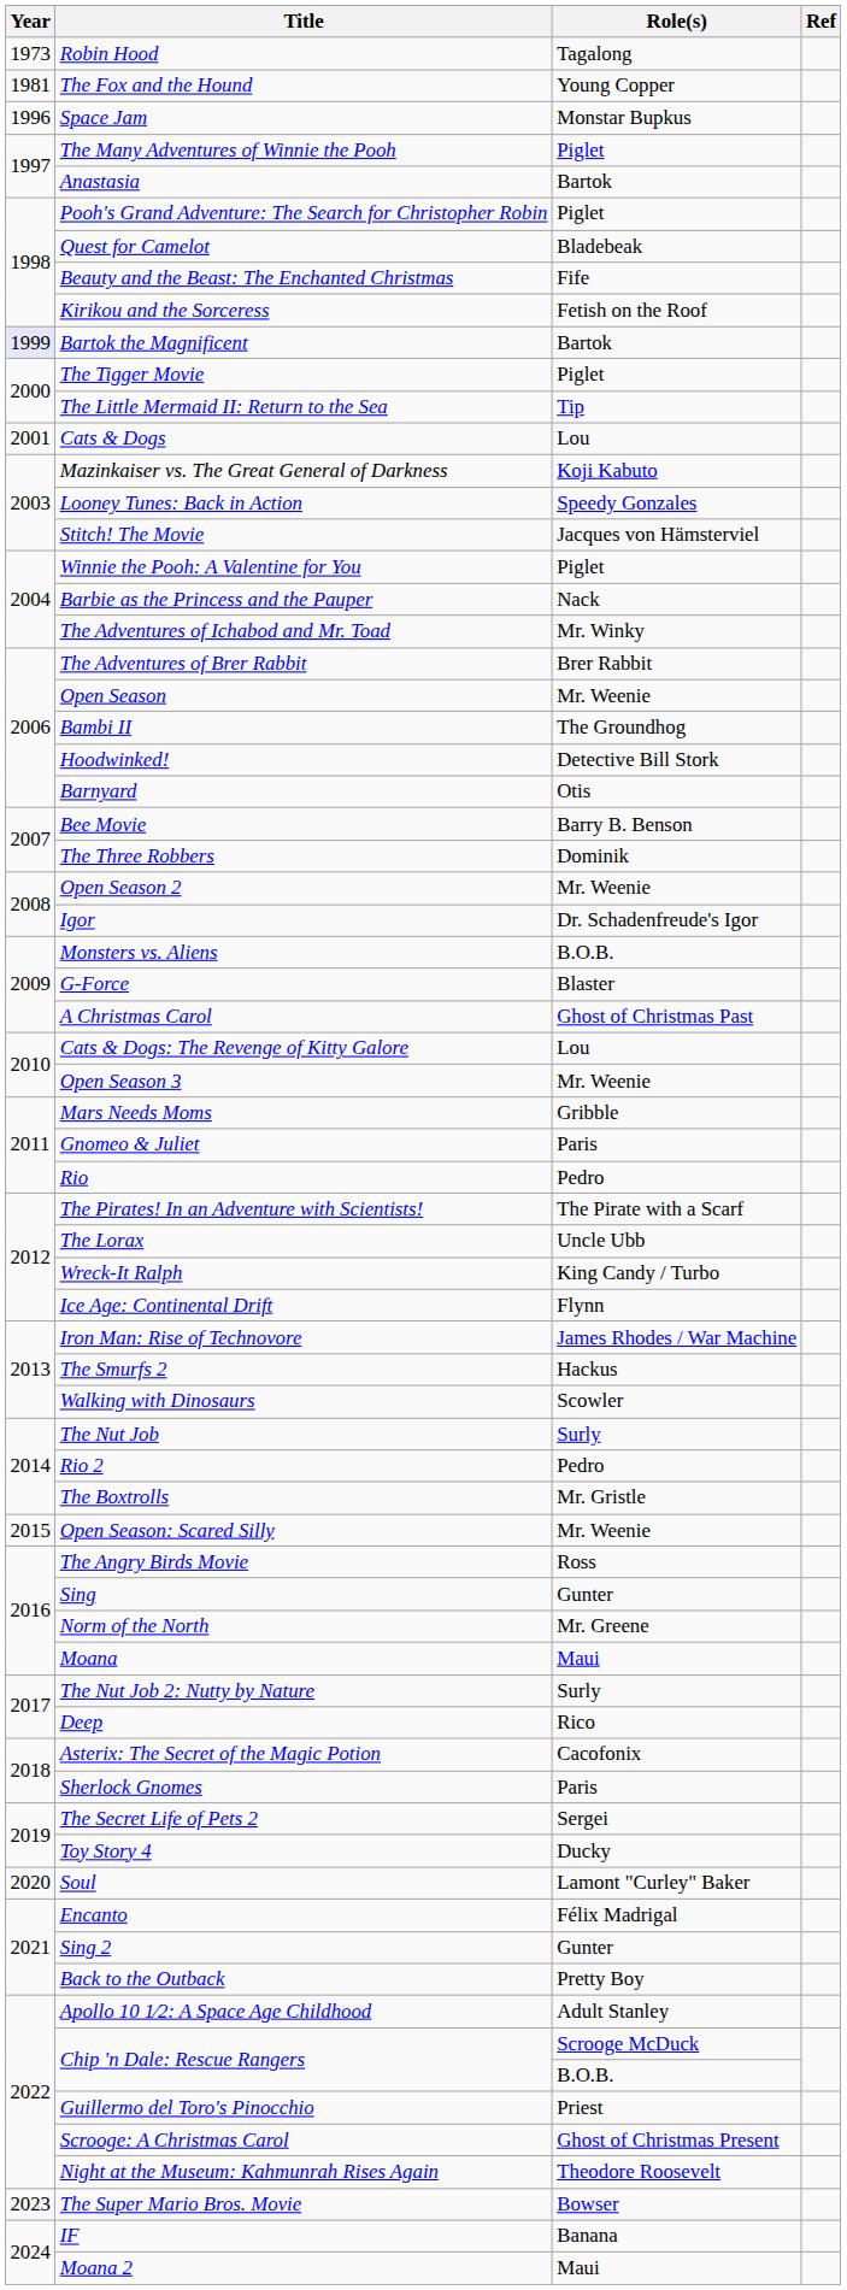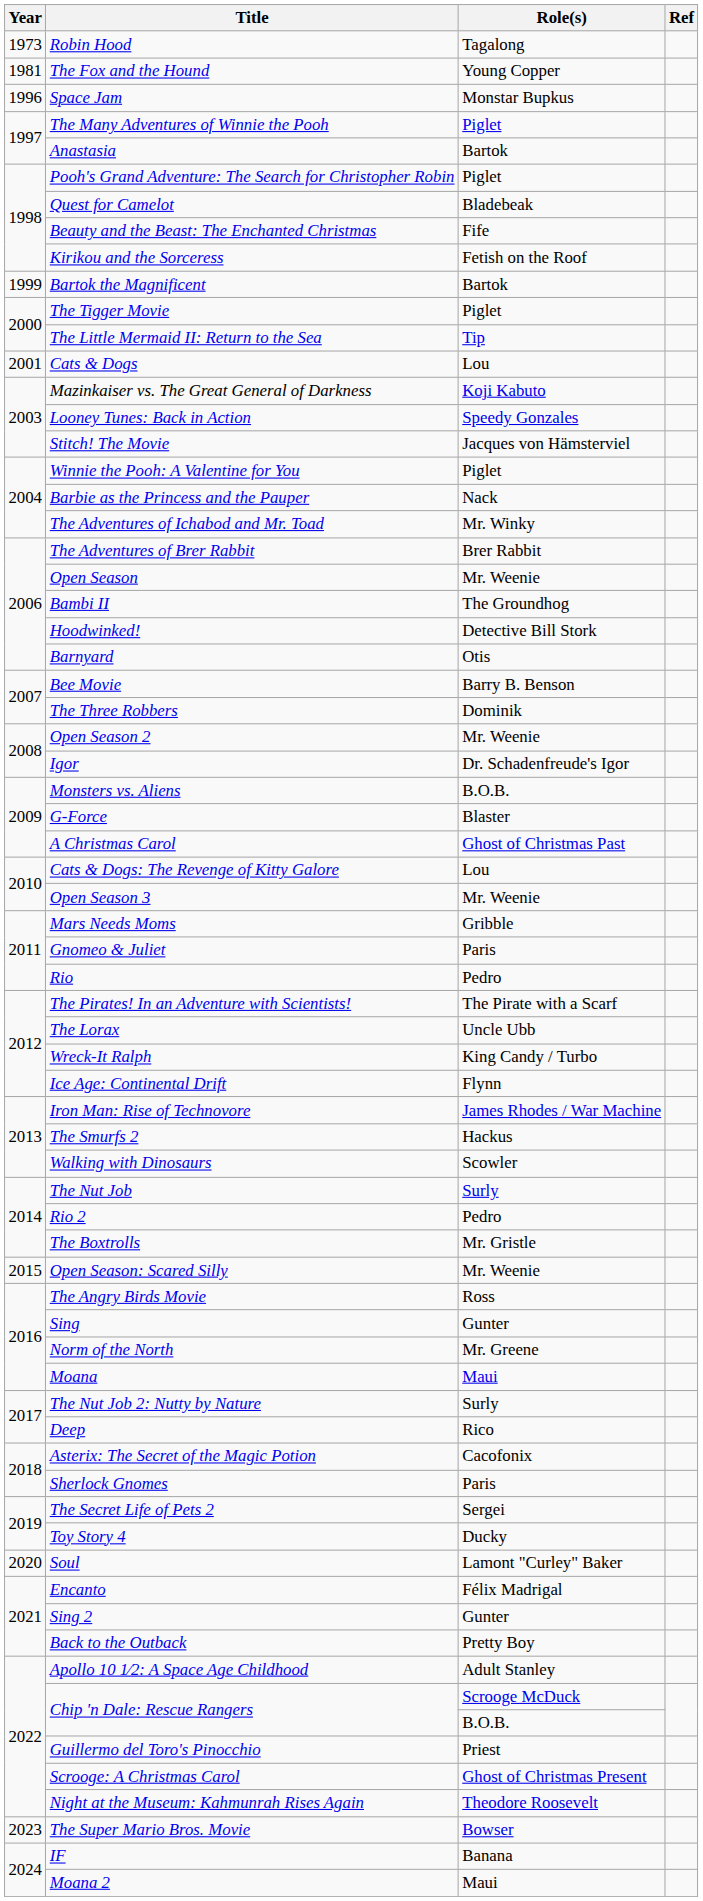 <table class="wikitable plainrowheaders sortable">
 <tr>
 <th scope="col">Year</th>
 <th scope="col">Title</th>
 <th scope="col">Role(s)</th>
 <th scope="col" class="unsortable">Ref</th>
 </tr>
 <tr>
 <td>1973</td>
 <td><em><a href='#'>Robin Hood</a></em></td>
 <td>Tagalong</td>
 <td></td>
 </tr>
 <tr>
 <td>1981</td>
 <td><em><a href='#'>The Fox and the Hound</a></em></td>
 <td>Young Copper</td>
 <td></td>
 </tr>
 <tr>
 <td>1996</td>
 <td><em><a href='#'>Space Jam</a></em></td>
 <td>Monstar Bupkus</td>
 <td></td>
 </tr>
 <tr>
 <td rowspan=2>1997</td>
 <td><em><a href='#'>The Many Adventures of Winnie the Pooh</a></em></td>
 <td><a href='#'>Piglet</a></td>
 <td></td>
 </tr>
 <tr>
 <td><em><a href='#'>Anastasia</a></em></td>
 <td>Bartok</td>
 <td></td>
 </tr>
 <tr>
 <td rowspan=4>1998</td>
 <td><em><a href='#'>Pooh's Grand Adventure: The Search for Christopher Robin</a></em></td>
 <td>Piglet</td>
 <td></td>
 </tr>
 <tr>
 <td><em><a href='#'>Quest for Camelot</a></em></td>
 <td>Bladebeak</td>
 <td></td>
 </tr>
 <tr>
 <td><em><a href='#'>Beauty and the Beast: The Enchanted Christmas</a></em></td>
 <td>Fife</td>
 <td></td>
 </tr>
 <tr>
 <td><em><a href='#'>Kirikou and the Sorceress</a></em></td>
 <td>Fetish on the Roof</td>
 <td></td>
 </tr>
 <tr>
-<td style="background: lavender;">1999</td>
+<td>1999</td>
 <td><em><a href='#'>Bartok the Magnificent</a></em></td>
 <td>Bartok</td>
 <td></td>
 </tr>
 <tr>
 <td rowspan=2>2000</td>
 <td><em><a href='#'>The Tigger Movie</a></em></td>
 <td>Piglet</td>
 <td></td>
 </tr>
 <tr>
 <td><em><a href='#'>The Little Mermaid II: Return to the Sea</a></em></td>
 <td><a href='#'>Tip</a></td>
 <td></td>
 </tr>
 <tr>
 <td>2001</td>
 <td><em><a href='#'>Cats & Dogs</a></em></td>
 <td>Lou</td>
 <td></td>
 </tr>
 <tr>
 <td rowspan=3>2003</td>
 <td><em>Mazinkaiser vs. The Great General of Darkness</em></td>
 <td><a href='#'>Koji Kabuto</a></td>
 <td></td>
 </tr>
 <tr>
 <td><em><a href='#'>Looney Tunes: Back in Action</a></em></td>
 <td><a href='#'>Speedy Gonzales</a></td>
 <td></td>
 </tr>
 <tr>
 <td><em><a href='#'>Stitch! The Movie</a></em></td>
 <td>Jacques von Hämsterviel</td>
 <td></td>
 </tr>
 <tr>
 <td rowspan=3>2004</td>
 <td><em><a href='#'>Winnie the Pooh: A Valentine for You</a></em></td>
 <td>Piglet</td>
 <td></td>
 </tr>
 <tr>
 <td><em><a href='#'>Barbie as the Princess and the Pauper</a></em></td>
 <td>Nack</td>
 <td></td>
 </tr>
 <tr>
 <td><em><a href='#'>The Adventures of Ichabod and Mr. Toad</a></em></td>
 <td>Mr. Winky</td>
 <td></td>
 </tr>
 <tr>
 <td rowspan=5>2006</td>
 <td><em><a href='#'>The Adventures of Brer Rabbit</a></em></td>
 <td>Brer Rabbit</td>
 <td></td>
 </tr>
 <tr>
 <td><em><a href='#'>Open Season</a></em></td>
 <td>Mr. Weenie</td>
 <td></td>
 </tr>
 <tr>
 <td><em><a href='#'>Bambi II</a></em></td>
 <td>The Groundhog</td>
 <td></td>
 </tr>
 <tr>
 <td><em><a href='#'>Hoodwinked!</a></em></td>
 <td>Detective Bill Stork</td>
 <td></td>
 </tr>
 <tr>
 <td><em><a href='#'>Barnyard</a></em></td>
 <td>Otis</td>
 <td></td>
 </tr>
 <tr>
 <td rowspan=2>2007</td>
 <td><em><a href='#'>Bee Movie</a></em></td>
 <td>Barry B. Benson</td>
 <td></td>
 </tr>
 <tr>
 <td><em><a href='#'>The Three Robbers</a></em></td>
 <td>Dominik</td>
 <td></td>
 </tr>
 <tr>
 <td rowspan=2>2008</td>
 <td><em><a href='#'>Open Season 2</a></em></td>
 <td>Mr. Weenie</td>
 <td></td>
 </tr>
 <tr>
 <td><em><a href='#'>Igor</a></em></td>
 <td>Dr. Schadenfreude's Igor</td>
 <td></td>
 </tr>
 <tr>
 <td rowspan=3>2009</td>
 <td><em><a href='#'>Monsters vs. Aliens</a></em></td>
 <td>B.O.B.</td>
 <td></td>
 </tr>
 <tr>
 <td><em><a href='#'>G-Force</a></em></td>
 <td>Blaster</td>
 <td></td>
 </tr>
 <tr>
 <td><em><a href='#'>A Christmas Carol</a></em></td>
 <td><a href='#'>Ghost of Christmas Past</a></td>
 <td></td>
 </tr>
 <tr>
 <td rowspan=2>2010</td>
 <td><em><a href='#'>Cats & Dogs: The Revenge of Kitty Galore</a></em></td>
 <td>Lou</td>
 <td></td>
 </tr>
 <tr>
 <td><em><a href='#'>Open Season 3</a></em></td>
 <td>Mr. Weenie</td>
 <td></td>
 </tr>
 <tr>
 <td rowspan=3>2011</td>
 <td><em><a href='#'>Mars Needs Moms</a></em></td>
 <td>Gribble</td>
 <td></td>
 </tr>
 <tr>
 <td><em><a href='#'>Gnomeo & Juliet</a></em></td>
 <td>Paris</td>
 <td></td>
 </tr>
 <tr>
 <td><em><a href='#'>Rio</a></em></td>
 <td>Pedro</td>
 <td></td>
 </tr>
 <tr>
 <td rowspan=4>2012</td>
 <td><em><a href='#'>The Pirates! In an Adventure with Scientists!</a></em></td>
 <td>The Pirate with a Scarf</td>
 <td></td>
 </tr>
 <tr>
 <td><em><a href='#'>The Lorax</a></em></td>
 <td>Uncle Ubb</td>
 <td></td>
 </tr>
 <tr>
 <td><em><a href='#'>Wreck-It Ralph</a></em></td>
 <td>King Candy / Turbo</td>
 <td></td>
 </tr>
 <tr>
 <td><em><a href='#'>Ice Age: Continental Drift</a></em></td>
 <td>Flynn</td>
 <td></td>
 </tr>
 <tr>
 <td rowspan=3>2013</td>
 <td><em><a href='#'>Iron Man: Rise of Technovore</a></em></td>
 <td><a href='#'>James Rhodes / War Machine</a></td>
 <td></td>
 </tr>
 <tr>
 <td><em><a href='#'>The Smurfs 2</a></em></td>
 <td>Hackus</td>
 <td></td>
 </tr>
 <tr>
 <td><em><a href='#'>Walking with Dinosaurs</a></em></td>
 <td>Scowler</td>
 <td></td>
 </tr>
 <tr>
 <td rowspan=3>2014</td>
 <td><em><a href='#'>The Nut Job</a></em></td>
 <td><a href='#'>Surly</a></td>
 <td></td>
 </tr>
 <tr>
 <td><em><a href='#'>Rio 2</a></em></td>
 <td>Pedro</td>
 <td></td>
 </tr>
 <tr>
 <td><em><a href='#'>The Boxtrolls</a></em></td>
 <td>Mr. Gristle</td>
 <td></td>
 </tr>
 <tr>
 <td>2015</td>
 <td><em><a href='#'>Open Season: Scared Silly</a></em></td>
 <td>Mr. Weenie</td>
 <td></td>
 </tr>
 <tr>
 <td rowspan=4>2016</td>
 <td><em><a href='#'>The Angry Birds Movie</a></em></td>
 <td>Ross</td>
 <td></td>
 </tr>
 <tr>
 <td><em><a href='#'>Sing</a></em></td>
 <td>Gunter</td>
 <td></td>
 </tr>
 <tr>
 <td><em><a href='#'>Norm of the North</a></em></td>
 <td>Mr. Greene</td>
 <td></td>
 </tr>
 <tr>
 <td><em><a href='#'>Moana</a></em></td>
 <td><a href='#'>Maui</a></td>
 <td></td>
 </tr>
 <tr>
 <td rowspan=2>2017</td>
 <td><em><a href='#'>The Nut Job 2: Nutty by Nature</a></em></td>
 <td>Surly</td>
 <td></td>
 </tr>
 <tr>
 <td><em><a href='#'>Deep</a></em></td>
 <td>Rico</td>
 <td></td>
 </tr>
 <tr>
 <td rowspan=2>2018</td>
 <td><em><a href='#'>Asterix: The Secret of the Magic Potion</a></em></td>
 <td>Cacofonix</td>
 <td></td>
 </tr>
 <tr>
 <td><em><a href='#'>Sherlock Gnomes</a></em></td>
 <td>Paris</td>
 <td></td>
 </tr>
 <tr>
 <td rowspan=2>2019</td>
 <td><em><a href='#'>The Secret Life of Pets 2</a></em></td>
 <td>Sergei</td>
 <td></td>
 </tr>
 <tr>
 <td><em><a href='#'>Toy Story 4</a></em></td>
 <td>Ducky</td>
 <td></td>
 </tr>
 <tr>
 <td>2020</td>
 <td><em><a href='#'>Soul</a></em></td>
 <td>Lamont "Curley" Baker</td>
 <td></td>
 </tr>
 <tr>
 <td rowspan=3>2021</td>
 <td><em><a href='#'>Encanto</a></em></td>
 <td>Félix Madrigal</td>
 <td></td>
 </tr>
 <tr>
 <td><em><a href='#'>Sing 2</a></em></td>
 <td>Gunter</td>
 <td></td>
 </tr>
 <tr>
 <td><em><a href='#'>Back to the Outback</a></em></td>
 <td>Pretty Boy</td>
 <td></td>
 </tr>
 <tr>
 <td rowspan=6>2022</td>
 <td><em><a href='#'>Apollo 10 1⁄2: A Space Age Childhood</a></em></td>
 <td>Adult Stanley</td>
 <td></td>
 </tr>
 <tr>
 <td rowspan=2><em><a href='#'>Chip 'n Dale: Rescue Rangers</a></em></td>
 <td><a href='#'>Scrooge McDuck</a></td>
 <td rowspan=2></td>
 </tr>
 <tr>
 <td>B.O.B.</td>
 </tr>
 <tr>
 <td><em><a href='#'>Guillermo del Toro's Pinocchio</a></em></td>
 <td>Priest</td>
 <td></td>
 </tr>
 <tr>
 <td><em><a href='#'>Scrooge: A Christmas Carol</a></em></td>
 <td><a href='#'>Ghost of Christmas Present</a></td>
 <td></td>
 </tr>
 <tr>
 <td><em><a href='#'>Night at the Museum: Kahmunrah Rises Again</a></em></td>
 <td><a href='#'>Theodore Roosevelt</a></td>
 <td></td>
 </tr>
 <tr>
 <td>2023</td>
 <td><em><a href='#'>The Super Mario Bros. Movie</a></em></td>
 <td><a href='#'>Bowser</a></td>
 <td></td>
 </tr>
 <tr>
 <td rowspan=2>2024</td>
 <td><em><a href='#'>IF</a></em></td>
 <td>Banana</td>
 <td></td>
 </tr>
 <tr>
 <td><em><a href='#'>Moana 2</a></em></td>
 <td>Maui</td>
 <td></td>
 </tr>
 </table>
